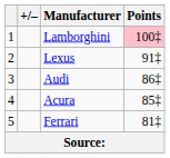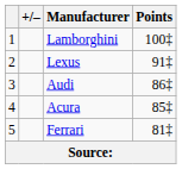 <table class="wikitable" style="font-size: 95%;">
 <tr>
 <th scope="col"></th>
 <th scope="col">+/–</th>
 <th scope="col">Manufacturer</th>
 <th scope="col">Points</th>
 </tr>
 <tr>
 <td align=center>1</td>
 <td align="left"></td>
 <td> <a href='#'>Lamborghini</a></td>
-<td align=right style="background: pink;">100‡</td>
+<td align=right>100‡</td>
 </tr>
 <tr>
 <td align=center>2</td>
 <td align="left"></td>
 <td> <a href='#'>Lexus</a></td>
 <td align=right>91‡</td>
 </tr>
 <tr>
 <td align=center>3</td>
 <td align="left"></td>
 <td> <a href='#'>Audi</a></td>
 <td align=right>86‡</td>
 </tr>
 <tr>
 <td align=center>4</td>
 <td align="left"></td>
 <td> <a href='#'>Acura</a></td>
 <td align=right>85‡</td>
 </tr>
 <tr>
 <td align=center>5</td>
 <td align="left"></td>
 <td> <a href='#'>Ferrari</a></td>
 <td align=right>81‡</td>
 </tr>
 <tr>
 <th colspan=5>Source:</th>
 </tr>
 </table>
